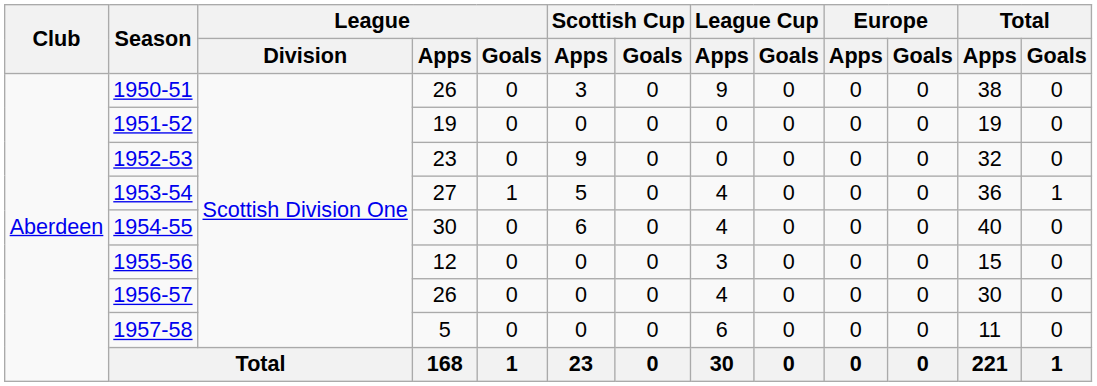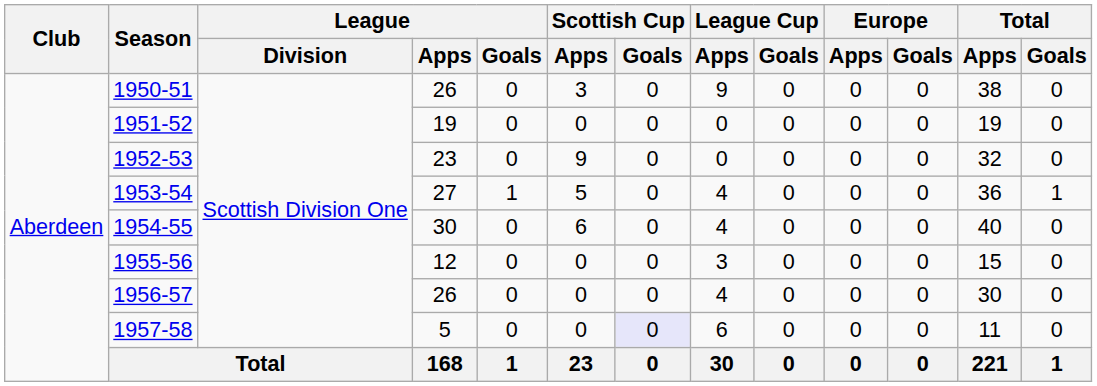 <table class="wikitable" style="text-align:center">
 <tr>
 <th rowspan="2">Club</th>
 <th rowspan="2">Season</th>
 <th colspan="3">League</th>
 <th colspan="2">Scottish Cup</th>
 <th colspan="2">League Cup</th>
 <th colspan="2">Europe</th>
 <th colspan="2">Total</th>
 </tr>
 <tr>
 <th>Division</th>
 <th>Apps</th>
 <th>Goals</th>
 <th>Apps</th>
 <th>Goals</th>
 <th>Apps</th>
 <th>Goals</th>
 <th>Apps</th>
 <th>Goals</th>
 <th>Apps</th>
 <th>Goals</th>
 </tr>
 <tr>
 <td rowspan="9"><a href='#'>Aberdeen</a></td>
 <td><a href='#'>1950-51</a></td>
 <td rowspan="8"><a href='#'>Scottish Division One</a></td>
 <td>26</td>
 <td>0</td>
 <td>3</td>
 <td>0</td>
 <td>9</td>
 <td>0</td>
 <td>0</td>
 <td>0</td>
 <td>38</td>
 <td>0</td>
 </tr>
 <tr>
 <td><a href='#'>1951-52</a></td>
 <td>19</td>
 <td>0</td>
 <td>0</td>
 <td>0</td>
 <td>0</td>
 <td>0</td>
 <td>0</td>
 <td>0</td>
 <td>19</td>
 <td>0</td>
 </tr>
 <tr>
 <td><a href='#'>1952-53</a></td>
 <td>23</td>
 <td>0</td>
 <td>9</td>
 <td>0</td>
 <td>0</td>
 <td>0</td>
 <td>0</td>
 <td>0</td>
 <td>32</td>
 <td>0</td>
 </tr>
 <tr>
 <td><a href='#'>1953-54</a></td>
 <td>27</td>
 <td>1</td>
 <td>5</td>
 <td>0</td>
 <td>4</td>
 <td>0</td>
 <td>0</td>
 <td>0</td>
 <td>36</td>
 <td>1</td>
 </tr>
 <tr>
 <td><a href='#'>1954-55</a></td>
 <td>30</td>
 <td>0</td>
 <td>6</td>
 <td>0</td>
 <td>4</td>
 <td>0</td>
 <td>0</td>
 <td>0</td>
 <td>40</td>
 <td>0</td>
 </tr>
 <tr>
 <td><a href='#'>1955-56</a></td>
 <td>12</td>
 <td>0</td>
 <td>0</td>
 <td>0</td>
 <td>3</td>
 <td>0</td>
 <td>0</td>
 <td>0</td>
 <td>15</td>
 <td>0</td>
 </tr>
 <tr>
 <td><a href='#'>1956-57</a></td>
 <td>26</td>
 <td>0</td>
 <td>0</td>
 <td>0</td>
 <td>4</td>
 <td>0</td>
 <td>0</td>
 <td>0</td>
 <td>30</td>
 <td>0</td>
 </tr>
 <tr>
 <td><a href='#'>1957-58</a></td>
 <td>5</td>
 <td>0</td>
 <td>0</td>
-<td>0</td>
+<td style="background: lavender;">0</td>
 <td>6</td>
 <td>0</td>
 <td>0</td>
 <td>0</td>
 <td>11</td>
 <td>0</td>
 </tr>
 <tr>
 <th colspan="2">Total</th>
 <th>168</th>
 <th>1</th>
 <th>23</th>
 <th>0</th>
 <th>30</th>
 <th>0</th>
 <th>0</th>
 <th>0</th>
 <th>221</th>
 <th>1</th>
 </tr>
 </table>
